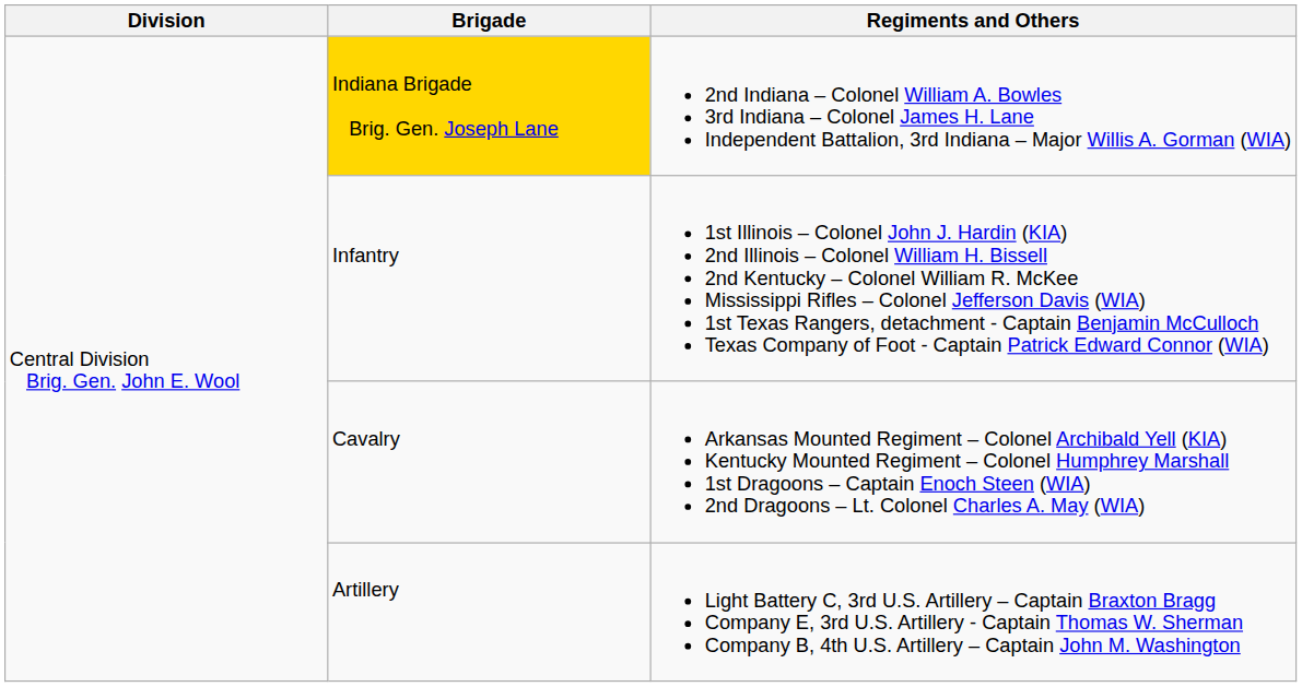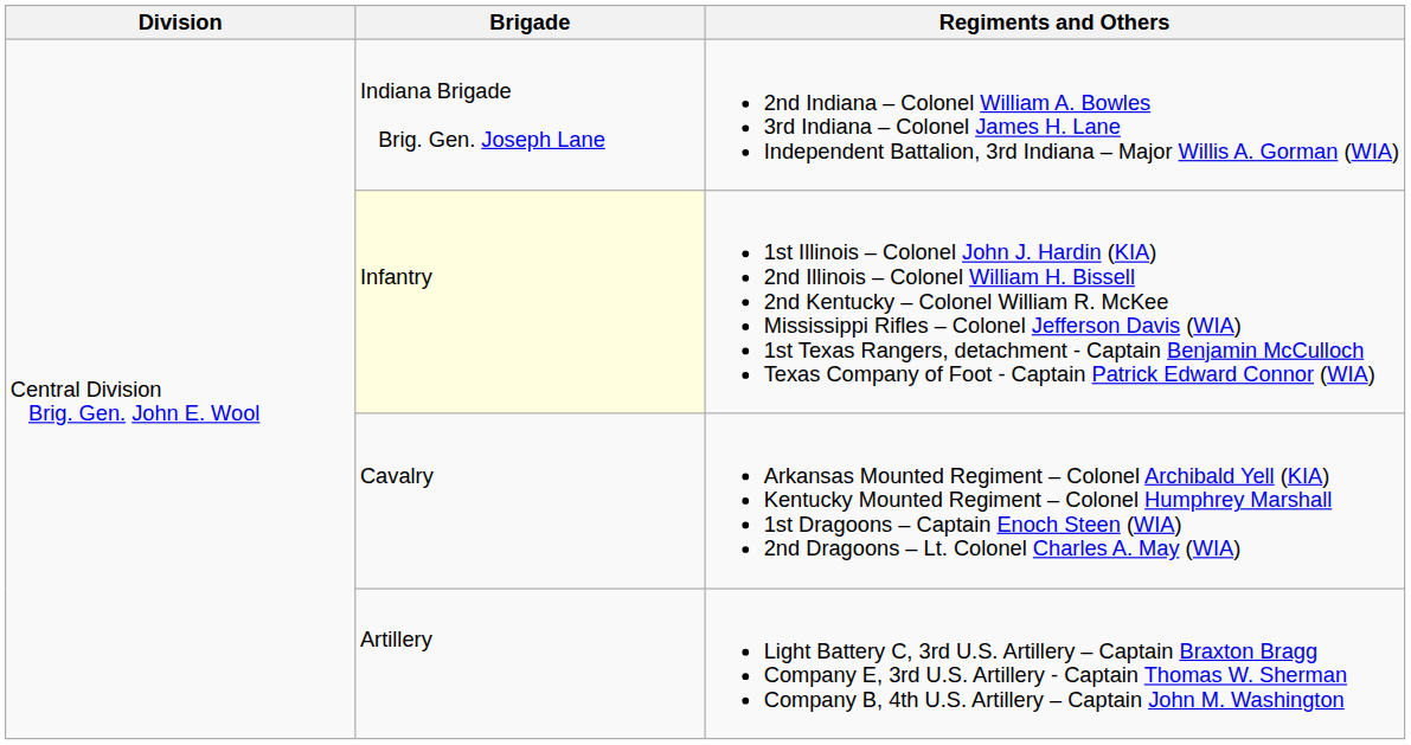 <table class="wikitable">
 <tr>
 <th width=25%>Division</th>
 <th width=25%>Brigade</th>
 <th>Regiments and Others</th>
 </tr>
 <tr>
 <td rowspan=4><br>Central Division <br>   <a href='#'>Brig. Gen.</a> <a href='#'>John E. Wool</a></td>
-<td style="background: gold;">Indiana Brigade<br><br>   Brig. Gen. <a href='#'>Joseph Lane</a></td>
+<td>Indiana Brigade<br><br>   Brig. Gen. <a href='#'>Joseph Lane</a></td>
 <td><br><ul><li>2nd Indiana – Colonel <a href='#'>William A. Bowles</a></li><li>3rd Indiana – Colonel <a href='#'>James H. Lane</a></li><li>Independent Battalion, 3rd Indiana – Major <a href='#'>Willis A. Gorman</a> (<a href='#'>WIA</a>)</li></ul></td>
 </tr>
 <tr>
-<td>Infantry<br><br>  </td>
+<td style="background: lightyellow;">Infantry<br><br>  </td>
 <td><br><ul><li>1st Illinois – Colonel <a href='#'>John J. Hardin</a> (<a href='#'>KIA</a>)</li><li>2nd Illinois – Colonel <a href='#'>William H. Bissell</a></li><li>2nd Kentucky – Colonel William R. McKee</li><li>Mississippi Rifles – Colonel <a href='#'>Jefferson Davis</a> (<a href='#'>WIA</a>)</li><li>1st Texas Rangers, detachment - Captain <a href='#'>Benjamin McCulloch</a></li><li>Texas Company of Foot - Captain <a href='#'>Patrick Edward Connor</a> (<a href='#'>WIA</a>)</li></ul></td>
 </tr>
 <tr>
 <td>Cavalry<br><br>  </td>
 <td><br><ul><li>Arkansas Mounted Regiment – Colonel <a href='#'>Archibald Yell</a> (<a href='#'>KIA</a>)</li><li>Kentucky Mounted Regiment – Colonel <a href='#'>Humphrey Marshall</a></li><li>1st Dragoons – Captain <a href='#'>Enoch Steen</a> (<a href='#'>WIA</a>)</li><li>2nd Dragoons – Lt. Colonel <a href='#'>Charles A. May</a> (<a href='#'>WIA</a>)</li></ul></td>
 </tr>
 <tr>
 <td>Artillery<br><br>  </td>
 <td><br><ul><li>Light Battery C, 3rd U.S. Artillery – Captain <a href='#'>Braxton Bragg</a></li><li>Company E, 3rd U.S. Artillery - Captain <a href='#'>Thomas W. Sherman</a></li><li>Company B, 4th U.S. Artillery – Captain <a href='#'>John M. Washington</a></li></ul></td>
 </tr>
 </table>
